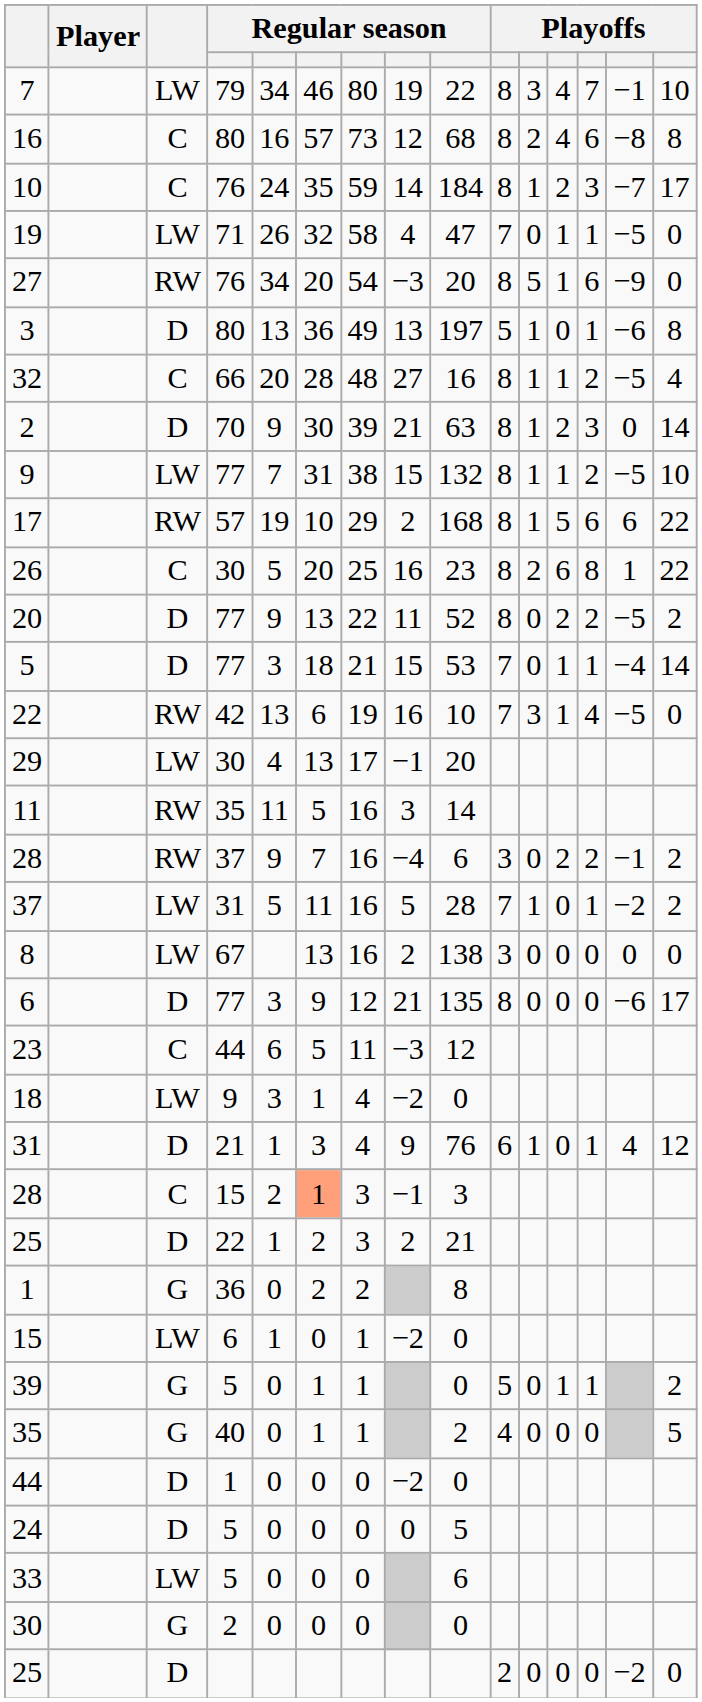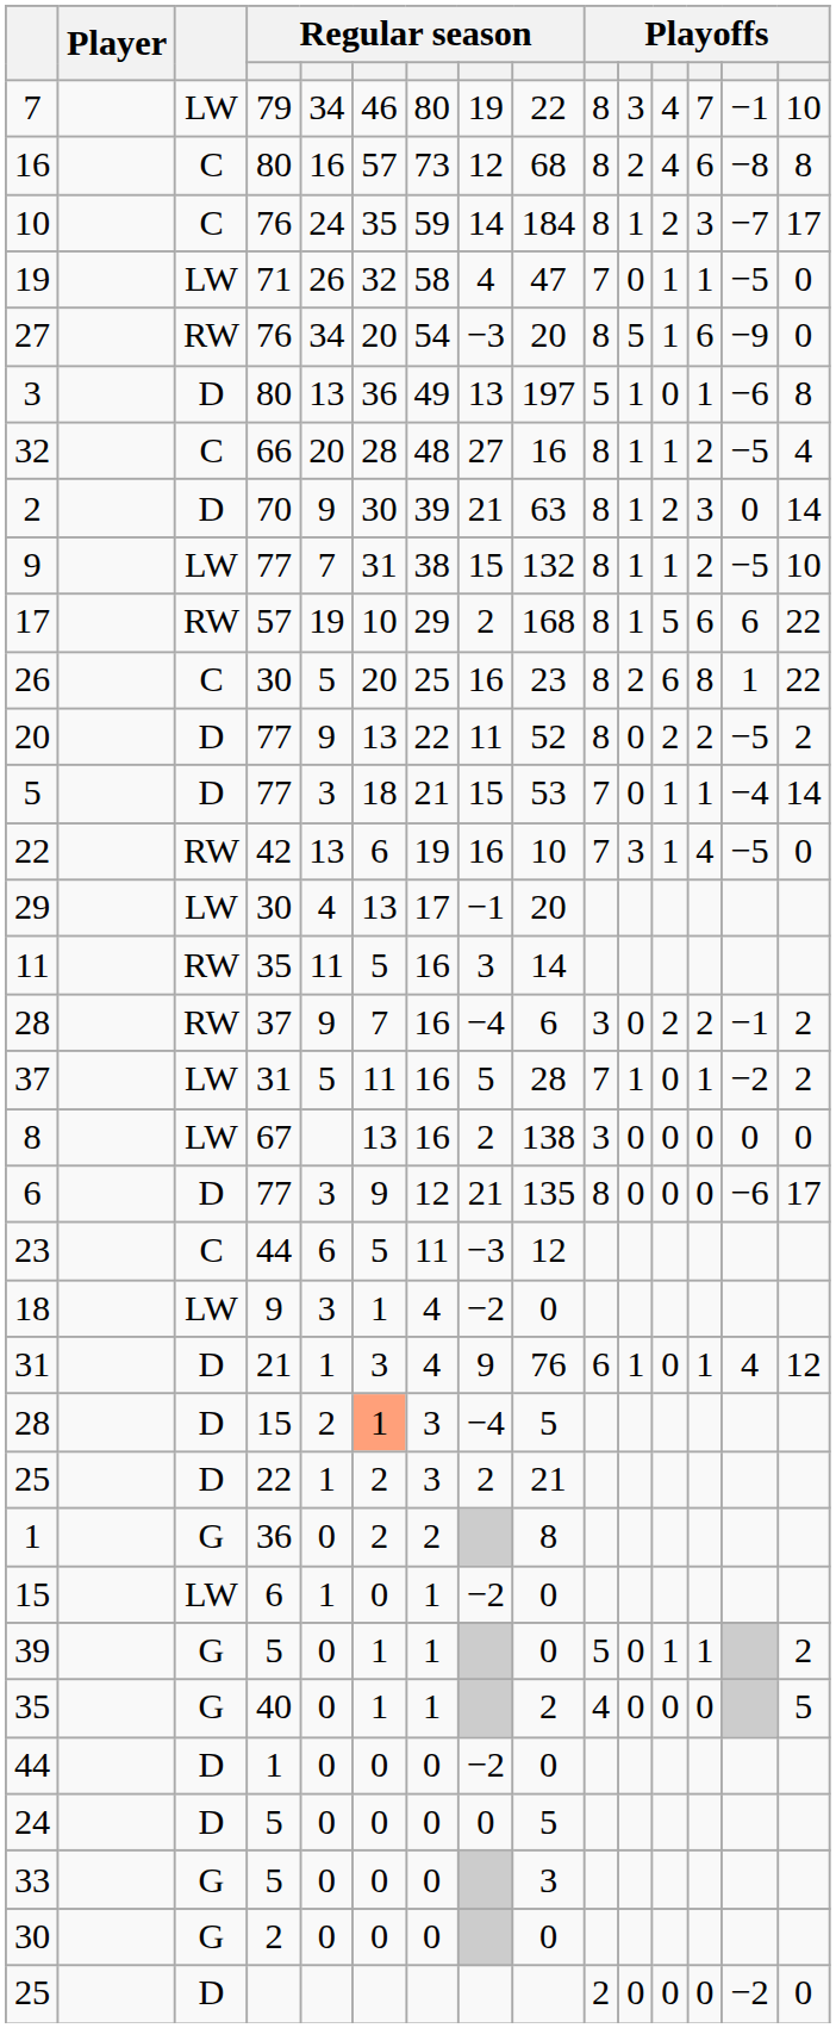 <table class="wikitable sortable plainrowheaders" style="text-align:center;">
 <tr>
 <th scope="col" data-sort-type="number" rowspan="2"></th>
 <th scope="col" rowspan="2">Player</th>
 <th scope="col" rowspan="2"></th>
 <th scope=colgroup colspan=6>Regular season</th>
 <th scope=colgroup colspan=6>Playoffs</th>
 </tr>
 <tr>
 <th scope="col" data-sort-type="number"></th>
 <th scope="col" data-sort-type="number"></th>
 <th scope="col" data-sort-type="number"></th>
 <th scope="col" data-sort-type="number"></th>
 <th scope="col" data-sort-type="number"></th>
 <th scope="col" data-sort-type="number"></th>
 <th scope="col" data-sort-type="number"></th>
 <th scope="col" data-sort-type="number"></th>
 <th scope="col" data-sort-type="number"></th>
 <th scope="col" data-sort-type="number"></th>
 <th scope="col" data-sort-type="number"></th>
 <th scope="col" data-sort-type="number"></th>
 </tr>
 <tr>
 <td scope="row">7</td>
 <td align="left"></td>
 <td>LW</td>
 <td>79</td>
 <td>34</td>
 <td>46</td>
 <td>80</td>
 <td>19</td>
 <td>22</td>
 <td>8</td>
 <td>3</td>
 <td>4</td>
 <td>7</td>
 <td>−1</td>
 <td>10</td>
 </tr>
 <tr>
 <td scope="row">16</td>
 <td align="left"></td>
 <td>C</td>
 <td>80</td>
 <td>16</td>
 <td>57</td>
 <td>73</td>
 <td>12</td>
 <td>68</td>
 <td>8</td>
 <td>2</td>
 <td>4</td>
 <td>6</td>
 <td>−8</td>
 <td>8</td>
 </tr>
 <tr>
 <td scope="row">10</td>
 <td align="left"></td>
 <td>C</td>
 <td>76</td>
 <td>24</td>
 <td>35</td>
 <td>59</td>
 <td>14</td>
 <td>184</td>
 <td>8</td>
 <td>1</td>
 <td>2</td>
 <td>3</td>
 <td>−7</td>
 <td>17</td>
 </tr>
 <tr>
 <td scope="row">19</td>
 <td align="left"></td>
 <td>LW</td>
 <td>71</td>
 <td>26</td>
 <td>32</td>
 <td>58</td>
 <td>4</td>
 <td>47</td>
 <td>7</td>
 <td>0</td>
 <td>1</td>
 <td>1</td>
 <td>−5</td>
 <td>0</td>
 </tr>
 <tr>
 <td scope="row">27</td>
 <td align="left"></td>
 <td>RW</td>
 <td>76</td>
 <td>34</td>
 <td>20</td>
 <td>54</td>
 <td>−3</td>
 <td>20</td>
 <td>8</td>
 <td>5</td>
 <td>1</td>
 <td>6</td>
 <td>−9</td>
 <td>0</td>
 </tr>
 <tr>
 <td scope="row">3</td>
 <td align="left"></td>
 <td>D</td>
 <td>80</td>
 <td>13</td>
 <td>36</td>
 <td>49</td>
 <td>13</td>
 <td>197</td>
 <td>5</td>
 <td>1</td>
 <td>0</td>
 <td>1</td>
 <td>−6</td>
 <td>8</td>
 </tr>
 <tr>
 <td scope="row">32</td>
 <td align="left"></td>
 <td>C</td>
 <td>66</td>
 <td>20</td>
 <td>28</td>
 <td>48</td>
 <td>27</td>
 <td>16</td>
 <td>8</td>
 <td>1</td>
 <td>1</td>
 <td>2</td>
 <td>−5</td>
 <td>4</td>
 </tr>
 <tr>
 <td scope="row">2</td>
 <td align="left"></td>
 <td>D</td>
 <td>70</td>
 <td>9</td>
 <td>30</td>
 <td>39</td>
 <td>21</td>
 <td>63</td>
 <td>8</td>
 <td>1</td>
 <td>2</td>
 <td>3</td>
 <td>0</td>
 <td>14</td>
 </tr>
 <tr>
 <td scope="row">9</td>
 <td align="left"></td>
 <td>LW</td>
 <td>77</td>
 <td>7</td>
 <td>31</td>
 <td>38</td>
 <td>15</td>
 <td>132</td>
 <td>8</td>
 <td>1</td>
 <td>1</td>
 <td>2</td>
 <td>−5</td>
 <td>10</td>
 </tr>
 <tr>
 <td scope="row">17</td>
 <td align="left"></td>
 <td>RW</td>
 <td>57</td>
 <td>19</td>
 <td>10</td>
 <td>29</td>
 <td>2</td>
 <td>168</td>
 <td>8</td>
 <td>1</td>
 <td>5</td>
 <td>6</td>
 <td>6</td>
 <td>22</td>
 </tr>
 <tr>
 <td scope="row">26</td>
 <td align="left"></td>
 <td>C</td>
 <td>30</td>
 <td>5</td>
 <td>20</td>
 <td>25</td>
 <td>16</td>
 <td>23</td>
 <td>8</td>
 <td>2</td>
 <td>6</td>
 <td>8</td>
 <td>1</td>
 <td>22</td>
 </tr>
 <tr>
 <td scope="row">20</td>
 <td align="left"></td>
 <td>D</td>
 <td>77</td>
 <td>9</td>
 <td>13</td>
 <td>22</td>
 <td>11</td>
 <td>52</td>
 <td>8</td>
 <td>0</td>
 <td>2</td>
 <td>2</td>
 <td>−5</td>
 <td>2</td>
 </tr>
 <tr>
 <td scope="row">5</td>
 <td align="left"></td>
 <td>D</td>
 <td>77</td>
 <td>3</td>
 <td>18</td>
 <td>21</td>
 <td>15</td>
 <td>53</td>
 <td>7</td>
 <td>0</td>
 <td>1</td>
 <td>1</td>
 <td>−4</td>
 <td>14</td>
 </tr>
 <tr>
 <td scope="row">22</td>
 <td align="left"></td>
 <td>RW</td>
 <td>42</td>
 <td>13</td>
 <td>6</td>
 <td>19</td>
 <td>16</td>
 <td>10</td>
 <td>7</td>
 <td>3</td>
 <td>1</td>
 <td>4</td>
 <td>−5</td>
 <td>0</td>
 </tr>
 <tr>
 <td scope="row">29</td>
 <td align="left"></td>
 <td>LW</td>
 <td>30</td>
 <td>4</td>
 <td>13</td>
 <td>17</td>
 <td>−1</td>
 <td>20</td>
 <td></td>
 <td></td>
 <td></td>
 <td></td>
 <td></td>
 <td></td>
 </tr>
 <tr>
 <td scope="row">11</td>
 <td align="left"></td>
 <td>RW</td>
 <td>35</td>
 <td>11</td>
 <td>5</td>
 <td>16</td>
 <td>3</td>
 <td>14</td>
 <td></td>
 <td></td>
 <td></td>
 <td></td>
 <td></td>
 <td></td>
 </tr>
 <tr>
 <td scope="row">28</td>
 <td align="left"></td>
 <td>RW</td>
 <td>37</td>
 <td>9</td>
 <td>7</td>
 <td>16</td>
 <td>−4</td>
 <td>6</td>
 <td>3</td>
 <td>0</td>
 <td>2</td>
 <td>2</td>
 <td>−1</td>
 <td>2</td>
 </tr>
 <tr>
 <td scope="row">37</td>
 <td align="left"></td>
 <td>LW</td>
 <td>31</td>
 <td>5</td>
 <td>11</td>
 <td>16</td>
 <td>5</td>
 <td>28</td>
 <td>7</td>
 <td>1</td>
 <td>0</td>
 <td>1</td>
 <td>−2</td>
 <td>2</td>
 </tr>
 <tr>
 <td scope="row">8</td>
 <td align="left"></td>
 <td>LW</td>
 <td>67</td>
 <td></td>
 <td>13</td>
 <td>16</td>
 <td>2</td>
 <td>138</td>
 <td>3</td>
 <td>0</td>
 <td>0</td>
 <td>0</td>
 <td>0</td>
 <td>0</td>
 </tr>
 <tr>
 <td scope="row">6</td>
 <td align="left"></td>
 <td>D</td>
 <td>77</td>
 <td>3</td>
 <td>9</td>
 <td>12</td>
 <td>21</td>
 <td>135</td>
 <td>8</td>
 <td>0</td>
 <td>0</td>
 <td>0</td>
 <td>−6</td>
 <td>17</td>
 </tr>
 <tr>
 <td scope="row">23</td>
 <td align="left"></td>
 <td>C</td>
 <td>44</td>
 <td>6</td>
 <td>5</td>
 <td>11</td>
 <td>−3</td>
 <td>12</td>
 <td></td>
 <td></td>
 <td></td>
 <td></td>
 <td></td>
 <td></td>
 </tr>
 <tr>
 <td scope="row">18</td>
 <td align="left"></td>
 <td>LW</td>
 <td>9</td>
 <td>3</td>
 <td>1</td>
 <td>4</td>
 <td>−2</td>
 <td>0</td>
 <td></td>
 <td></td>
 <td></td>
 <td></td>
 <td></td>
 <td></td>
 </tr>
 <tr>
 <td scope="row">31</td>
 <td align="left"></td>
 <td>D</td>
 <td>21</td>
 <td>1</td>
 <td>3</td>
 <td>4</td>
 <td>9</td>
 <td>76</td>
 <td>6</td>
 <td>1</td>
 <td>0</td>
 <td>1</td>
 <td>4</td>
 <td>12</td>
 </tr>
 <tr>
 <td scope="row">28</td>
 <td align="left"></td>
-<td>C</td>
+<td>D</td>
 <td>15</td>
 <td>2</td>
 <td style="background: lightsalmon;">1</td>
 <td>3</td>
-<td>−1</td>
-<td>3</td>
+<td>−4</td>
+<td>5</td>
 <td></td>
 <td></td>
 <td></td>
 <td></td>
 <td></td>
 <td></td>
 </tr>
 <tr>
 <td scope="row">25</td>
 <td align="left"></td>
 <td>D</td>
 <td>22</td>
 <td>1</td>
 <td>2</td>
 <td>3</td>
 <td>2</td>
 <td>21</td>
 <td></td>
 <td></td>
 <td></td>
 <td></td>
 <td></td>
 <td></td>
 </tr>
 <tr>
 <td scope="row">1</td>
 <td align="left"></td>
 <td>G</td>
 <td>36</td>
 <td>0</td>
 <td>2</td>
 <td>2</td>
 <td style="background:#ccc"></td>
 <td>8</td>
 <td></td>
 <td></td>
 <td></td>
 <td></td>
 <td></td>
 <td></td>
 </tr>
 <tr>
 <td scope="row">15</td>
 <td align="left"></td>
 <td>LW</td>
 <td>6</td>
 <td>1</td>
 <td>0</td>
 <td>1</td>
 <td>−2</td>
 <td>0</td>
 <td></td>
 <td></td>
 <td></td>
 <td></td>
 <td></td>
 <td></td>
 </tr>
 <tr>
 <td scope="row">39</td>
 <td align="left"></td>
 <td>G</td>
 <td>5</td>
 <td>0</td>
 <td>1</td>
 <td>1</td>
 <td style="background:#ccc"></td>
 <td>0</td>
 <td>5</td>
 <td>0</td>
 <td>1</td>
 <td>1</td>
 <td style="background:#ccc"></td>
 <td>2</td>
 </tr>
 <tr>
 <td scope="row">35</td>
 <td align="left"></td>
 <td>G</td>
 <td>40</td>
 <td>0</td>
 <td>1</td>
 <td>1</td>
 <td style="background:#ccc"></td>
 <td>2</td>
 <td>4</td>
 <td>0</td>
 <td>0</td>
 <td>0</td>
 <td style="background:#ccc"></td>
 <td>5</td>
 </tr>
 <tr>
 <td scope="row">44</td>
 <td align="left"></td>
 <td>D</td>
 <td>1</td>
 <td>0</td>
 <td>0</td>
 <td>0</td>
 <td>−2</td>
 <td>0</td>
 <td></td>
 <td></td>
 <td></td>
 <td></td>
 <td></td>
 <td></td>
 </tr>
 <tr>
 <td scope="row">24</td>
 <td align="left"></td>
 <td>D</td>
 <td>5</td>
 <td>0</td>
 <td>0</td>
 <td>0</td>
 <td>0</td>
 <td>5</td>
 <td></td>
 <td></td>
 <td></td>
 <td></td>
 <td></td>
 <td></td>
 </tr>
 <tr>
 <td scope="row">33</td>
 <td align="left"></td>
-<td>LW</td>
+<td>G</td>
 <td>5</td>
 <td>0</td>
 <td>0</td>
 <td>0</td>
 <td style="background:#ccc"></td>
-<td>6</td>
+<td>3</td>
 <td></td>
 <td></td>
 <td></td>
 <td></td>
 <td></td>
 <td></td>
 </tr>
 <tr>
 <td scope="row">30</td>
 <td align="left"></td>
 <td>G</td>
 <td>2</td>
 <td>0</td>
 <td>0</td>
 <td>0</td>
 <td style="background:#ccc"></td>
 <td>0</td>
 <td></td>
 <td></td>
 <td></td>
 <td></td>
 <td></td>
 <td></td>
 </tr>
 <tr>
 <td scope="row">25</td>
 <td align="left"></td>
 <td>D</td>
 <td></td>
 <td></td>
 <td></td>
 <td></td>
 <td></td>
 <td></td>
 <td>2</td>
 <td>0</td>
 <td>0</td>
 <td>0</td>
 <td>−2</td>
 <td>0</td>
 </tr>
 </table>
